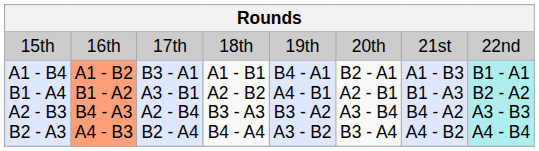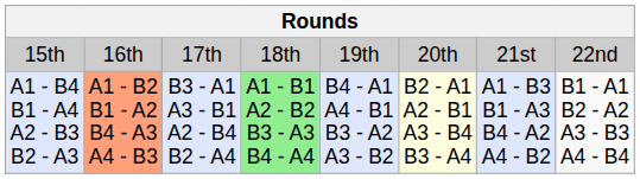 <table class="wikitable">
 <tr>
 <th colspan="10">Rounds</th>
 </tr>
 <tr>
 <td align="center" bgcolor="#CCCCCC">15th</td>
 <td align="center" bgcolor="#CCCCCC">16th</td>
 <td align="center" bgcolor="#CCCCCC">17th</td>
 <td align="center" bgcolor="#CCCCCC">18th</td>
 <td align="center" bgcolor="#CCCCCC">19th</td>
 <td align="center" bgcolor="#CCCCCC">20th</td>
 <td align="center" bgcolor="#CCCCCC">21st</td>
 <td align="center" bgcolor="#CCCCCC">22nd</td>
 </tr>
 <tr>
 <td align="center" bgcolor="#DFE7FF">A1 - B4<br>B1 - A4<br>A2 - B3<br>B2 - A3</td>
 <td align="center" style="background: lightsalmon;">A1 - B2<br>B1 - A2<br>B4 - A3<br>A4 - B3</td>
 <td align="center" bgcolor="#DFE7FF">B3 - A1<br>A3 - B1<br>A2 - B4<br>B2 - A4</td>
-<td align="center">A1 - B1<br>A2 - B2<br>B3 - A3<br>B4 - A4</td>
+<td align="center" style="background: lightgreen;">A1 - B1<br>A2 - B2<br>B3 - A3<br>B4 - A4</td>
 <td align="center" bgcolor="#DFE7FF">B4 - A1<br>A4 - B1<br>B3 - A2<br>A3 - B2</td>
-<td align="center">B2 - A1<br>A2 - B1<br>A3 - B4<br>B3 - A4</td>
+<td align="center" style="background: lightyellow;">B2 - A1<br>A2 - B1<br>A3 - B4<br>B3 - A4</td>
 <td align="center" bgcolor="#DFE7FF">A1 - B3<br>B1 - A3<br>B4 - A2<br>A4 - B2</td>
-<td align="center" style="background: paleturquoise;">B1 - A1<br>B2 - A2<br>A3 - B3<br>A4 - B4</td>
+<td align="center">B1 - A1<br>B2 - A2<br>A3 - B3<br>A4 - B4</td>
 </tr>
 </table>
